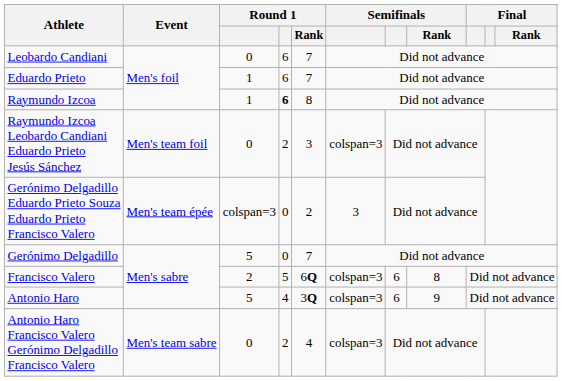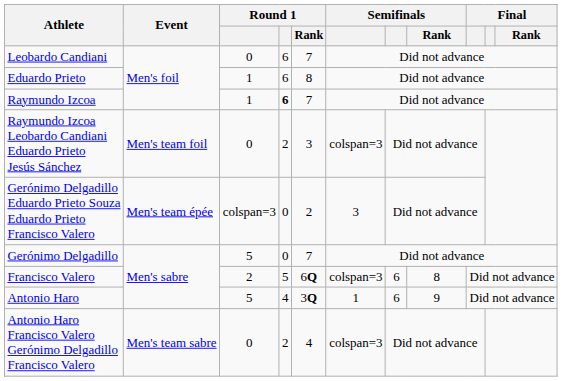 <table class="wikitable" style="font-size:90%">
 <tr>
 <th rowspan=2>Athlete</th>
 <th rowspan=2>Event</th>
 <th colspan=3>Round 1</th>
 <th colspan=3>Semifinals</th>
 <th colspan=3>Final</th>
 </tr>
 <tr style="font-size:95%">
 <th></th>
 <th></th>
 <th>Rank</th>
 <th></th>
 <th></th>
 <th>Rank</th>
 <th></th>
 <th></th>
 <th>Rank</th>
 </tr>
 <tr align=center>
 <td align=left><a href='#'>Leobardo Candiani</a></td>
 <td align=left rowspan=3><a href='#'>Men's foil</a></td>
 <td>0</td>
 <td>6</td>
 <td>7</td>
 <td colspan=6>Did not advance</td>
 </tr>
 <tr align=center>
 <td align=left><a href='#'>Eduardo Prieto</a></td>
 <td>1</td>
 <td>6</td>
-<td>7</td>
+<td>8</td>
 <td colspan=6>Did not advance</td>
 </tr>
 <tr align=center>
 <td align=left><a href='#'>Raymundo Izcoa</a></td>
 <td>1</td>
 <td><strong>6</strong></td>
-<td>8</td>
+<td>7</td>
 <td colspan=6>Did not advance</td>
 </tr>
 <tr align=center>
 <td align=left><a href='#'>Raymundo Izcoa</a><br><a href='#'>Leobardo Candiani</a><br><a href='#'>Eduardo Prieto</a><br><a href='#'>Jesús Sánchez</a></td>
 <td align=left><a href='#'>Men's team foil</a></td>
 <td>0</td>
 <td>2</td>
 <td>3</td>
 <td>colspan=3 </td>
 <td colspan=3>Did not advance</td>
 </tr>
 <tr align=center>
 <td align=left><a href='#'>Gerónimo Delgadillo</a><br><a href='#'>Eduardo Prieto Souza</a><br><a href='#'>Eduardo Prieto</a><br><a href='#'>Francisco Valero</a></td>
 <td align=left><a href='#'>Men's team épée</a></td>
 <td>colspan=3 </td>
 <td>0</td>
 <td>2</td>
 <td>3</td>
 <td colspan=3>Did not advance</td>
 </tr>
 <tr align=center>
 <td align=left><a href='#'>Gerónimo Delgadillo</a></td>
 <td align=left rowspan=3><a href='#'>Men's sabre</a></td>
 <td>5</td>
 <td>0</td>
 <td>7</td>
 <td colspan=6>Did not advance</td>
 </tr>
 <tr align=center>
 <td align=left><a href='#'>Francisco Valero</a></td>
 <td>2</td>
 <td>5</td>
 <td>6<strong>Q</strong></td>
 <td>colspan=3 </td>
 <td>6</td>
 <td>8</td>
 <td colspan=3>Did not advance</td>
 </tr>
 <tr align=center>
 <td align=left><a href='#'>Antonio Haro</a></td>
 <td>5</td>
 <td>4</td>
 <td>3<strong>Q</strong></td>
-<td>colspan=3 </td>
+<td>1</td>
 <td>6</td>
 <td>9</td>
 <td colspan=3>Did not advance</td>
 </tr>
 <tr align=center>
 <td align=left><a href='#'>Antonio Haro</a><br><a href='#'>Francisco Valero</a><br><a href='#'>Gerónimo Delgadillo</a><br><a href='#'>Francisco Valero</a></td>
 <td align=left><a href='#'>Men's team sabre</a></td>
 <td>0</td>
 <td>2</td>
 <td>4</td>
 <td>colspan=3 </td>
 <td colspan=3>Did not advance</td>
 </tr>
 </table>
